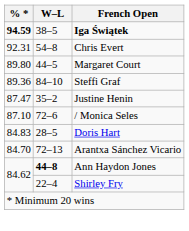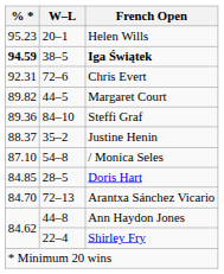 <table class="wikitable nowrap" style="display:inline-table;">
 <tr>
 <th>% *</th>
 <th width=50>W–L</th>
 <th>French Open</th>
+</tr>
+<tr>
+<td>95.23</td>
+<td>20–1</td>
+<td> Helen Wills</td>
 </tr>
 <tr>
 <td><strong>94.59</strong></td>
 <td>38–5</td>
 <td> <strong>Iga Świątek</strong></td>
 </tr>
 <tr>
 <td>92.31</td>
-<td>54–8</td>
+<td>72–6</td>
 <td> Chris Evert</td>
 </tr>
 <tr>
-<td>89.80</td>
+<td>89.82</td>
 <td>44–5</td>
 <td> Margaret Court</td>
 </tr>
 <tr>
 <td>89.36</td>
 <td>84–10</td>
 <td> Steffi Graf</td>
 </tr>
 <tr>
-<td>87.47</td>
+<td>88.37</td>
 <td>35–2</td>
 <td> Justine Henin</td>
 </tr>
 <tr>
 <td>87.10</td>
-<td>72–6</td>
+<td>54–8</td>
 <td>/ Monica Seles</td>
 </tr>
 <tr>
-<td>84.83</td>
+<td>84.85</td>
 <td>28–5</td>
 <td> <a href='#'>Doris Hart</a></td>
 </tr>
 <tr>
 <td>84.70</td>
 <td>72–13</td>
 <td> Arantxa Sánchez Vicario</td>
 </tr>
 <tr>
 <td rowspan="2">84.62</td>
-<td><strong>44–8</strong></td>
+<td>44–8</td>
 <td> Ann Haydon Jones</td>
 </tr>
 <tr>
 <td>22–4</td>
 <td> <a href='#'>Shirley Fry</a></td>
 </tr>
 <tr>
 <td colspan="3">* Minimum 20 wins</td>
 </tr>
 </table>
